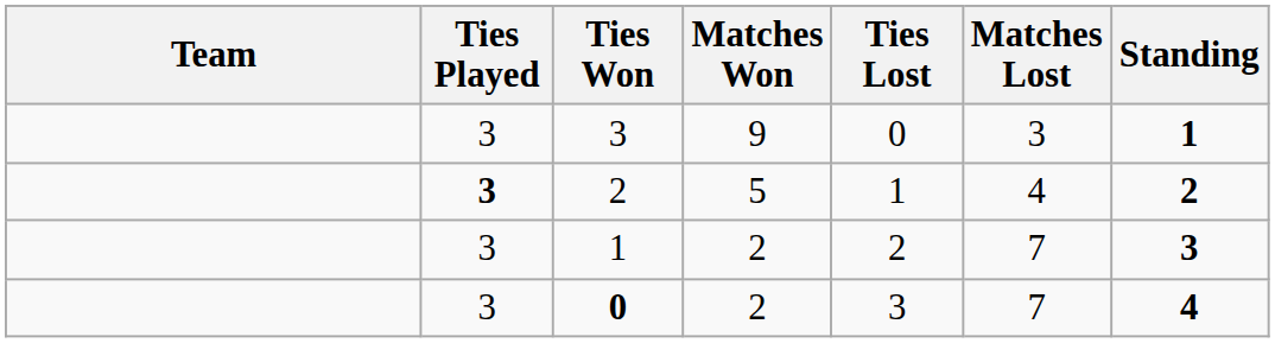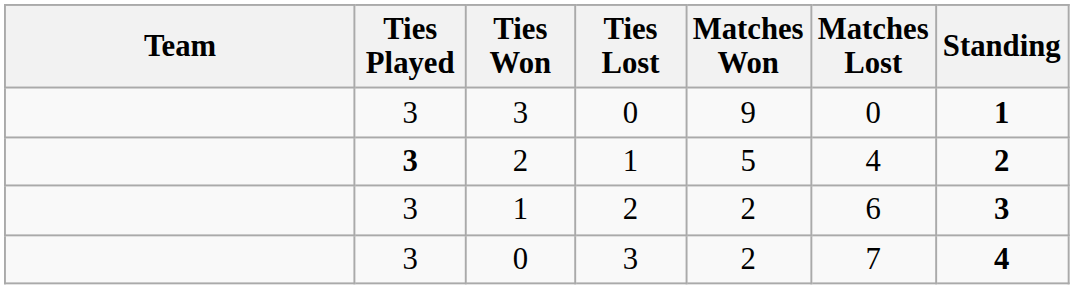 <table class=wikitable style="text-align:center">
 <tr>
 <th width=175>Team</th>
 <th width=50>Ties Played</th>
 <th width=50>Ties Won</th>
+<th width=50>Ties Lost</th>
 <th width=50>Matches Won</th>
-<th width=50>Ties Lost</th>
 <th width=50>Matches Lost</th>
 <th width=50>Standing</th>
 </tr>
 <tr>
 <td style="text-align:left"></td>
 <td>3</td>
 <td>3</td>
+<td>0</td>
 <td>9</td>
 <td>0</td>
-<td>3</td>
 <td><strong>1</strong></td>
 </tr>
 <tr>
 <td style="text-align:left"></td>
 <td><strong>3</strong></td>
 <td>2</td>
+<td>1</td>
 <td>5</td>
-<td>1</td>
 <td>4</td>
 <td><strong>2</strong></td>
 </tr>
 <tr>
 <td style="text-align:left"></td>
 <td>3</td>
 <td>1</td>
 <td>2</td>
 <td>2</td>
-<td>7</td>
+<td>6</td>
 <td><strong>3</strong></td>
 </tr>
 <tr>
 <td style="text-align:left"></td>
 <td>3</td>
-<td><strong>0</strong></td>
+<td>0</td>
+<td>3</td>
 <td>2</td>
-<td>3</td>
 <td>7</td>
 <td><strong>4</strong></td>
 </tr>
 </table>
